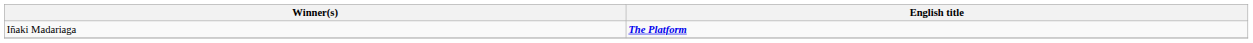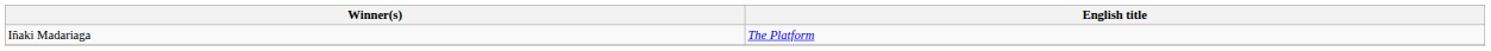 <table class="wikitable" width="95%" cellpadding="5">
 <tr>
 <th width="18%">Winner(s)</th>
 <th width="18%">English title</th>
 </tr>
 <tr>
 <td>  Iñaki Madariaga</td>
-<td><strong><em><a href='#'>The Platform</a></em></strong></td>
+<td><em><a href='#'>The Platform</a></em></td>
 </tr>
 <tr>
 </tr>
 </table>
